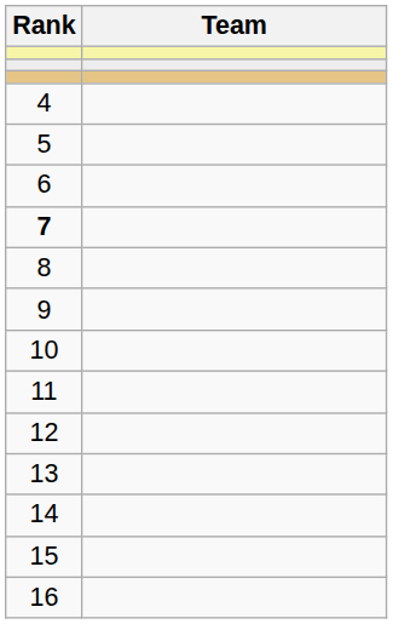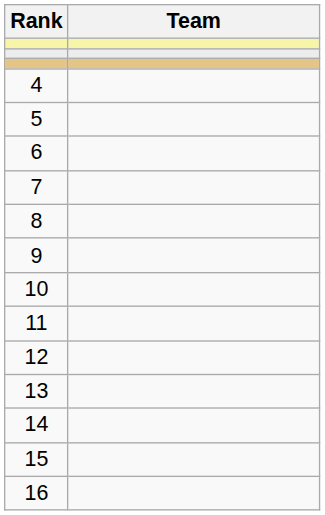 <table class="wikitable" style="text-align: center;">
 <tr>
 <th width=40>Rank</th>
 <th width=180>Team</th>
 </tr>
 <tr align=center bgcolor="#F7F6A8">
 <td></td>
 <td align="left"></td>
 </tr>
 <tr align=center bgcolor=ededed>
 <td></td>
 <td align="left"></td>
 </tr>
 <tr align=center bgcolor=e5c585>
 <td></td>
 <td align=left></td>
 </tr>
 <tr>
 <td>4</td>
 <td style="text-align:left;"></td>
 </tr>
 <tr>
 <td>5</td>
 <td style="text-align:left;"></td>
 </tr>
 <tr>
 <td>6</td>
 <td style="text-align:left;"></td>
 </tr>
 <tr>
-<td><strong>7</strong></td>
+<td>7</td>
 <td style="text-align:left;"></td>
 </tr>
 <tr>
 <td>8</td>
 <td style="text-align:left;"></td>
 </tr>
 <tr>
 <td>9</td>
 <td style="text-align:left;"></td>
 </tr>
 <tr>
 <td>10</td>
 <td style="text-align:left;"></td>
 </tr>
 <tr>
 <td>11</td>
 <td style="text-align:left;"></td>
 </tr>
 <tr>
 <td>12</td>
 <td style="text-align:left;"></td>
 </tr>
 <tr>
 <td>13</td>
 <td style="text-align:left;"></td>
 </tr>
 <tr>
 <td>14</td>
 <td style="text-align:left;"></td>
 </tr>
 <tr>
 <td>15</td>
 <td style="text-align:left;"></td>
 </tr>
 <tr>
 <td>16</td>
 <td style="text-align:left;"></td>
 </tr>
 </table>
